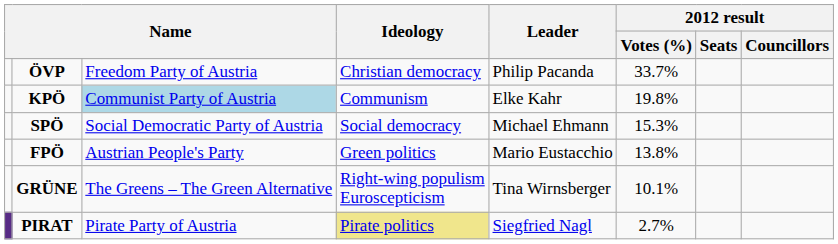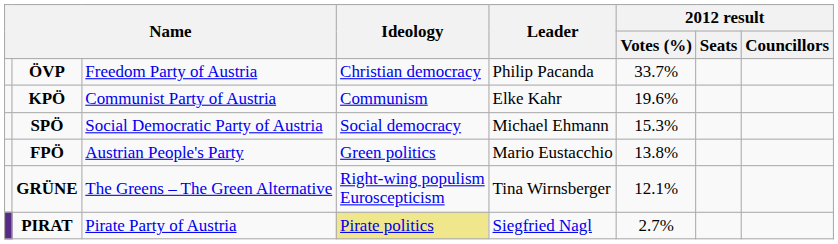 <table class="wikitable">
 <tr>
 <th rowspan="2" colspan="3">Name</th>
 <th rowspan="2">Ideology</th>
 <th rowspan="2">Leader</th>
 <th colspan="3">2012 result</th>
 </tr>
 <tr>
 <th>Votes (%)</th>
 <th>Seats</th>
 <th>Councillors</th>
 </tr>
 <tr>
 <td style="background:"></td>
 <td style="text-align:center;"><strong>ÖVP</strong></td>
 <td><a href='#'>Freedom Party of Austria</a><br></td>
 <td><a href='#'>Christian democracy</a></td>
 <td>Philip Pacanda</td>
 <td style="text-align:center;">33.7%</td>
 <td></td>
 <td></td>
 </tr>
 <tr>
 <td style="background:"></td>
 <td style="text-align:center;"><strong>KPÖ</strong></td>
-<td style="background: lightblue;"><a href='#'>Communist Party of Austria</a><br></td>
+<td><a href='#'>Communist Party of Austria</a><br></td>
 <td><a href='#'>Communism</a></td>
 <td>Elke Kahr</td>
-<td style="text-align:center;">19.8%</td>
+<td style="text-align:center;">19.6%</td>
 <td></td>
 <td></td>
 </tr>
 <tr>
 <td style="background:"></td>
 <td style="text-align:center;"><strong>SPÖ</strong></td>
 <td><a href='#'>Social Democratic Party of Austria</a><br></td>
 <td><a href='#'>Social democracy</a></td>
 <td>Michael Ehmann</td>
 <td style="text-align:center;">15.3%</td>
 <td></td>
 <td></td>
 </tr>
 <tr>
 <td style="background:"></td>
 <td style="text-align:center;"><strong>FPÖ</strong></td>
 <td><a href='#'>Austrian People's Party</a><br></td>
 <td><a href='#'>Green politics</a></td>
 <td>Mario Eustacchio</td>
 <td style="text-align:center;">13.8%</td>
 <td></td>
 <td></td>
 </tr>
 <tr>
 <td style="background:"></td>
 <td style="text-align:center;"><strong>GRÜNE</strong></td>
 <td><a href='#'>The Greens – The Green Alternative</a><br></td>
 <td><a href='#'>Right-wing populism</a><br><a href='#'>Euroscepticism</a></td>
 <td>Tina Wirnsberger</td>
-<td style="text-align:center;">10.1%</td>
+<td style="text-align:center;">12.1%</td>
 <td></td>
 <td></td>
 </tr>
 <tr>
 <td style="background:#572B85;"></td>
 <td style="text-align:center;"><strong>PIRAT</strong></td>
 <td><a href='#'>Pirate Party of Austria</a><br></td>
 <td style="background: khaki;"><a href='#'>Pirate politics</a></td>
 <td><a href='#'>Siegfried Nagl</a></td>
 <td style="text-align:center;">2.7%</td>
 <td></td>
 </tr>
 </table>
